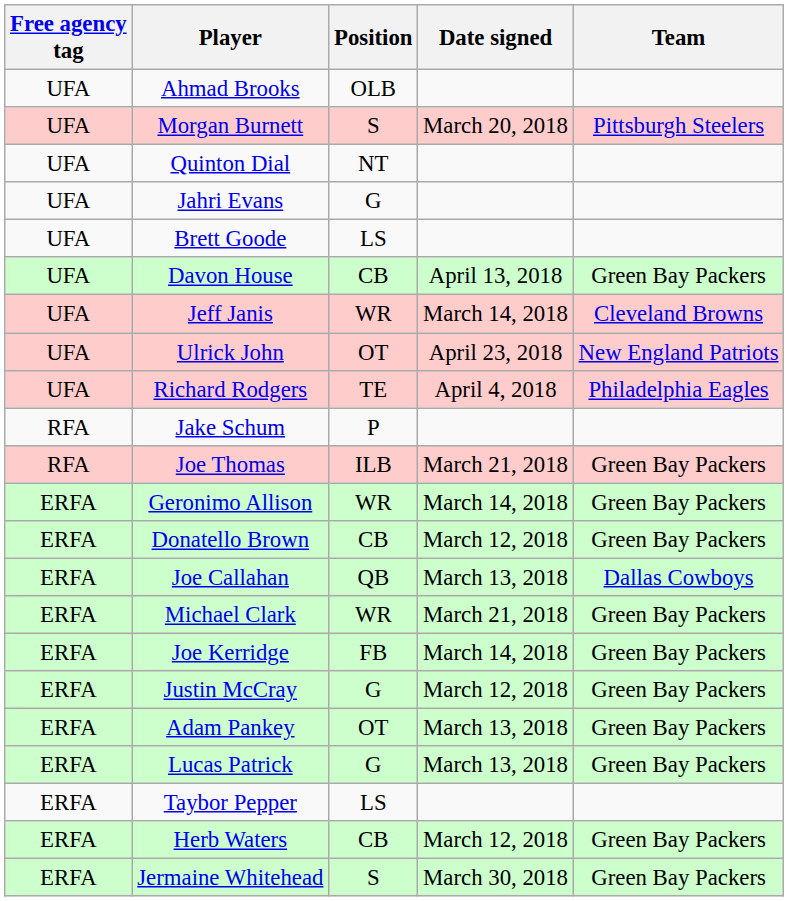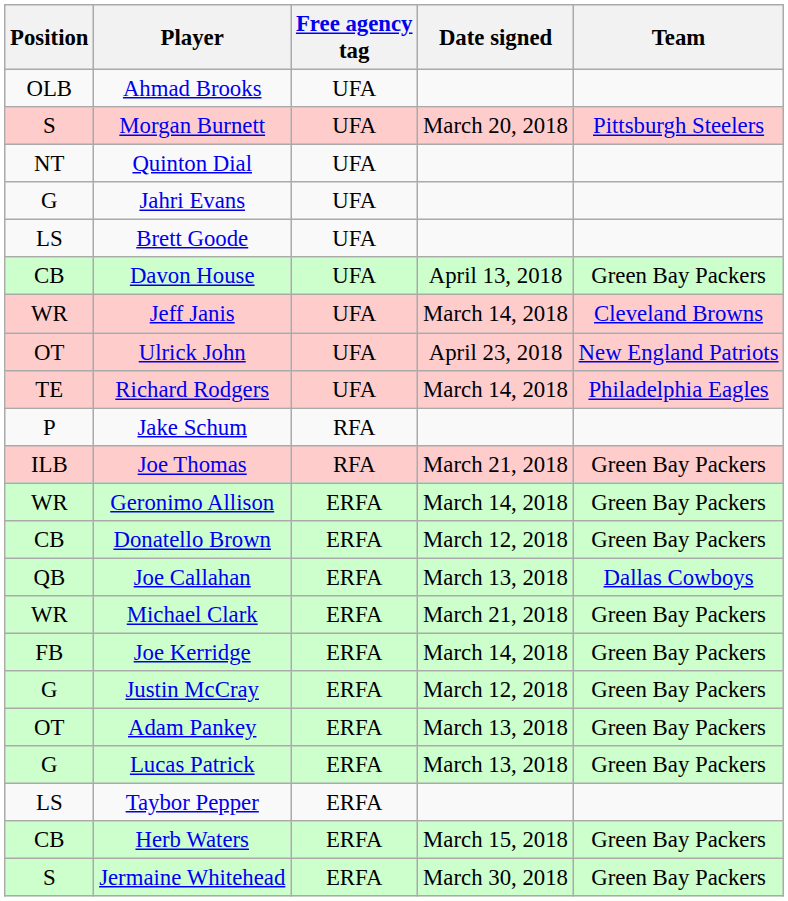 <table class="wikitable" style="font-size:95%;text-align:center">
 <tr>
+<th>Position</th>
+<th>Player</th>
 <th><a href='#'><span>Free agency</span></a><br>tag</th>
-<th>Player</th>
-<th>Position</th>
 <th>Date signed</th>
 <th>Team</th>
 </tr>
 <tr>
+<td>OLB</td>
+<td><a href='#'>Ahmad Brooks</a></td>
 <td>UFA</td>
-<td><a href='#'>Ahmad Brooks</a></td>
-<td>OLB</td>
 <td></td>
 <td></td>
 </tr>
 <tr bgcolor=ffcccc>
+<td>S</td>
+<td><a href='#'>Morgan Burnett</a></td>
 <td>UFA</td>
-<td><a href='#'>Morgan Burnett</a></td>
-<td>S</td>
 <td>March 20, 2018</td>
 <td><a href='#'>Pittsburgh Steelers</a></td>
 </tr>
 <tr>
+<td>NT</td>
+<td><a href='#'>Quinton Dial</a></td>
 <td>UFA</td>
-<td><a href='#'>Quinton Dial</a></td>
-<td>NT</td>
 <td></td>
 <td></td>
 </tr>
 <tr>
+<td>G</td>
+<td><a href='#'>Jahri Evans</a></td>
 <td>UFA</td>
-<td><a href='#'>Jahri Evans</a></td>
-<td>G</td>
 <td></td>
 <td></td>
 </tr>
 <tr>
+<td>LS</td>
+<td><a href='#'>Brett Goode</a></td>
 <td>UFA</td>
-<td><a href='#'>Brett Goode</a></td>
-<td>LS</td>
 <td></td>
 <td></td>
 </tr>
 <tr bgcolor=ccffcc>
+<td>CB</td>
+<td><a href='#'>Davon House</a></td>
 <td>UFA</td>
-<td><a href='#'>Davon House</a></td>
-<td>CB</td>
 <td>April 13, 2018</td>
 <td>Green Bay Packers</td>
 </tr>
 <tr bgcolor=ffcccc>
+<td>WR</td>
+<td><a href='#'>Jeff Janis</a></td>
 <td>UFA</td>
-<td><a href='#'>Jeff Janis</a></td>
-<td>WR</td>
 <td>March 14, 2018</td>
 <td><a href='#'>Cleveland Browns</a></td>
 </tr>
 <tr bgcolor=ffcccc>
+<td>OT</td>
+<td><a href='#'>Ulrick John</a></td>
 <td>UFA</td>
-<td><a href='#'>Ulrick John</a></td>
-<td>OT</td>
 <td>April 23, 2018</td>
 <td><a href='#'>New England Patriots</a></td>
 </tr>
 <tr bgcolor=ffcccc>
+<td>TE</td>
+<td><a href='#'>Richard Rodgers</a></td>
 <td>UFA</td>
-<td><a href='#'>Richard Rodgers</a></td>
-<td>TE</td>
-<td>April 4, 2018</td>
+<td>March 14, 2018</td>
 <td><a href='#'>Philadelphia Eagles</a></td>
 </tr>
 <tr>
+<td>P</td>
+<td><a href='#'>Jake Schum</a></td>
 <td>RFA</td>
-<td><a href='#'>Jake Schum</a></td>
-<td>P</td>
 <td></td>
 <td></td>
 </tr>
 <tr bgcolor=ffcccc>
+<td>ILB</td>
+<td><a href='#'>Joe Thomas</a></td>
 <td>RFA</td>
-<td><a href='#'>Joe Thomas</a></td>
-<td>ILB</td>
 <td>March 21, 2018</td>
 <td>Green Bay Packers</td>
 </tr>
 <tr bgcolor=ccffcc>
+<td>WR</td>
+<td><a href='#'>Geronimo Allison</a></td>
 <td>ERFA</td>
-<td><a href='#'>Geronimo Allison</a></td>
-<td>WR</td>
 <td>March 14, 2018</td>
 <td>Green Bay Packers</td>
 </tr>
 <tr bgcolor=ccffcc>
+<td>CB</td>
+<td><a href='#'>Donatello Brown</a></td>
 <td>ERFA</td>
-<td><a href='#'>Donatello Brown</a></td>
-<td>CB</td>
 <td>March 12, 2018</td>
 <td>Green Bay Packers</td>
 </tr>
 <tr bgcolor=ccffcc>
+<td>QB</td>
+<td><a href='#'>Joe Callahan</a></td>
 <td>ERFA</td>
-<td><a href='#'>Joe Callahan</a></td>
-<td>QB</td>
 <td>March 13, 2018</td>
 <td><a href='#'>Dallas Cowboys</a></td>
 </tr>
 <tr bgcolor=ccffcc>
+<td>WR</td>
+<td><a href='#'>Michael Clark</a></td>
 <td>ERFA</td>
-<td><a href='#'>Michael Clark</a></td>
-<td>WR</td>
 <td>March 21, 2018</td>
 <td>Green Bay Packers</td>
 </tr>
 <tr bgcolor=ccffcc>
+<td>FB</td>
+<td><a href='#'>Joe Kerridge</a></td>
 <td>ERFA</td>
-<td><a href='#'>Joe Kerridge</a></td>
-<td>FB</td>
 <td>March 14, 2018</td>
 <td>Green Bay Packers</td>
 </tr>
 <tr bgcolor=ccffcc>
+<td>G</td>
+<td><a href='#'>Justin McCray</a></td>
 <td>ERFA</td>
-<td><a href='#'>Justin McCray</a></td>
-<td>G</td>
 <td>March 12, 2018</td>
 <td>Green Bay Packers</td>
 </tr>
 <tr bgcolor=ccffcc>
+<td>OT</td>
+<td><a href='#'>Adam Pankey</a></td>
 <td>ERFA</td>
-<td><a href='#'>Adam Pankey</a></td>
-<td>OT</td>
 <td>March 13, 2018</td>
 <td>Green Bay Packers</td>
 </tr>
 <tr bgcolor=ccffcc>
+<td>G</td>
+<td><a href='#'>Lucas Patrick</a></td>
 <td>ERFA</td>
-<td><a href='#'>Lucas Patrick</a></td>
-<td>G</td>
 <td>March 13, 2018</td>
 <td>Green Bay Packers</td>
 </tr>
 <tr>
+<td>LS</td>
+<td><a href='#'>Taybor Pepper</a></td>
 <td>ERFA</td>
-<td><a href='#'>Taybor Pepper</a></td>
-<td>LS</td>
 <td></td>
 <td></td>
 </tr>
 <tr bgcolor=ccffcc>
+<td>CB</td>
+<td><a href='#'>Herb Waters</a></td>
 <td>ERFA</td>
-<td><a href='#'>Herb Waters</a></td>
-<td>CB</td>
-<td>March 12, 2018</td>
+<td>March 15, 2018</td>
 <td>Green Bay Packers</td>
 </tr>
 <tr bgcolor=ccffcc>
+<td>S</td>
+<td><a href='#'>Jermaine Whitehead</a></td>
 <td>ERFA</td>
-<td><a href='#'>Jermaine Whitehead</a></td>
-<td>S</td>
 <td>March 30, 2018</td>
 <td>Green Bay Packers</td>
 </tr>
 </table>
